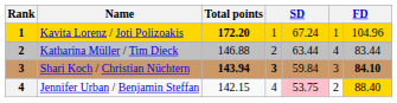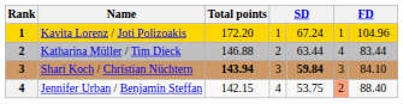 <table class="wikitable sortable">
 <tr>
 <th>Rank</th>
 <th>Name</th>
 <th>Total points</th>
 <th colspan="2" width="80px"><a href='#'>SD</a></th>
 <th colspan="2" width="80px"><a href='#'>FD</a></th>
 </tr>
 <tr bgcolor="gold">
 <td align="center"><strong>1</strong></td>
 <td><a href='#'>Kavita Lorenz</a> / <a href='#'>Joti Polizoakis</a></td>
-<td align="center"><strong>172.20</strong></td>
+<td align="center">172.20</td>
 <td align="center">1</td>
 <td align="center">67.24</td>
 <td align="center">1</td>
 <td align="center">104.96</td>
 </tr>
 <tr bgcolor="silver">
 <td align="center"><strong>2</strong></td>
 <td><a href='#'>Katharina Müller</a> / <a href='#'>Tim Dieck</a></td>
 <td align="center">146.88</td>
 <td align="center">2</td>
 <td align="center">63.44</td>
 <td align="center">4</td>
 <td align="center">83.44</td>
 </tr>
 <tr bgcolor="cc9966">
 <td align="center"><strong>3</strong></td>
 <td><a href='#'>Shari Koch</a> / <a href='#'>Christian Nüchtern</a></td>
 <td align="center"><strong>143.94</strong></td>
-<td align="center"><strong>3</strong></td>
-<td align="center">59.84</td>
 <td align="center">3</td>
-<td align="center"><strong>84.10</strong></td>
+<td align="center"><strong>59.84</strong></td>
+<td align="center">3</td>
+<td align="center">84.10</td>
 </tr>
 <tr>
 <th>4</th>
 <td><a href='#'>Jennifer Urban</a> / <a href='#'>Benjamin Steffan</a></td>
 <td align="center">142.15</td>
 <td align="center">4</td>
-<td align="center" style="background: pink;">53.75</td>
-<td align="center">2</td>
-<td align="center" style="background: gold;">88.40</td>
+<td align="center">53.75</td>
+<td align="center" style="background: lightsalmon;">2</td>
+<td align="center">88.40</td>
 </tr>
 </table>
